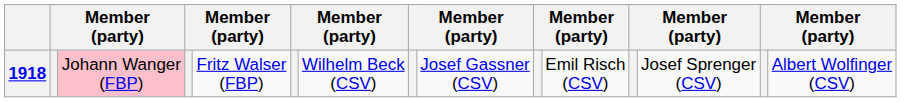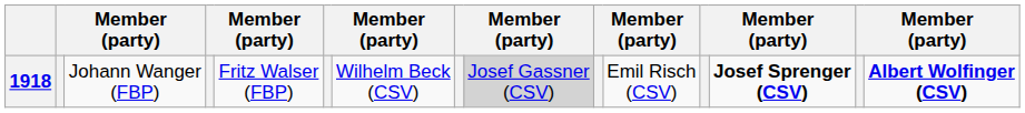 <table class="wikitable" style="text-align:center">
 <tr>
 <th></th>
 <th colspan=2>Member<br>(party)</th>
 <th colspan=2>Member<br>(party)</th>
 <th colspan=2>Member<br>(party)</th>
 <th colspan=2>Member<br>(party)</th>
 <th colspan=2>Member<br>(party)</th>
 <th colspan=2>Member<br>(party)</th>
 <th colspan=2>Member<br>(party)</th>
 </tr>
 <tr>
 <th><a href='#'>1918</a></th>
 <th rowspan=1 style="background-color: "></th>
-<td rowspan=1 style="background: pink;">Johann Wanger<br>(<a href='#'>FBP</a>)</td>
+<td rowspan=1>Johann Wanger<br>(<a href='#'>FBP</a>)</td>
 <th rowspan=1 style="background-color: "></th>
 <td rowspan=1><a href='#'>Fritz Walser</a><br>(<a href='#'>FBP</a>)</td>
 <th rowspan=1 style="background-color: "></th>
 <td rowspan=1><a href='#'>Wilhelm Beck</a><br>(<a href='#'>CSV</a>)</td>
 <th rowspan=1 style="background-color: "></th>
-<td rowspan=1><a href='#'>Josef Gassner</a><br>(<a href='#'>CSV</a>)</td>
+<td rowspan=1 style="background: lightgrey;"><a href='#'>Josef Gassner</a><br>(<a href='#'>CSV</a>)</td>
 <th rowspan=1 style="background-color: "></th>
 <td rowspan=1>Emil Risch<br>(<a href='#'>CSV</a>)</td>
 <th rowspan=1 style="background-color: "></th>
-<td rowspan=1>Josef Sprenger<br>(<a href='#'>CSV</a>)</td>
+<td rowspan=1><strong>Josef Sprenger<br>(<a href='#'>CSV</a>)</strong></td>
 <th rowspan=1 style="background-color: "></th>
-<td rowspan=1><a href='#'>Albert Wolfinger</a><br>(<a href='#'>CSV</a>)</td>
+<td rowspan=1><strong><a href='#'>Albert Wolfinger</a><br>(<a href='#'>CSV</a>)</strong></td>
 </tr>
 </table>
